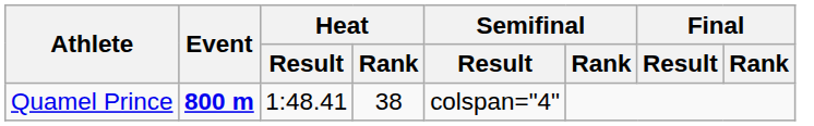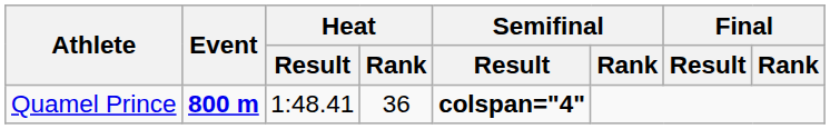 <table class="wikitable" style="font-size:90%">
 <tr>
 <th rowspan="2">Athlete</th>
 <th rowspan="2">Event</th>
 <th colspan="2">Heat</th>
 <th colspan="2">Semifinal</th>
 <th colspan="2">Final</th>
 </tr>
 <tr>
 <th>Result</th>
 <th>Rank</th>
 <th>Result</th>
 <th>Rank</th>
 <th>Result</th>
 <th>Rank</th>
 </tr>
 <tr style=text-align:center>
 <td style=text-align:left><a href='#'>Quamel Prince</a></td>
 <td style=text-align:left><strong><a href='#'>800 m</a></strong></td>
 <td>1:48.41</td>
-<td>38</td>
-<td>colspan="4" </td>
+<td>36</td>
+<td><strong>colspan="4" </strong></td>
 </tr>
 </table>
